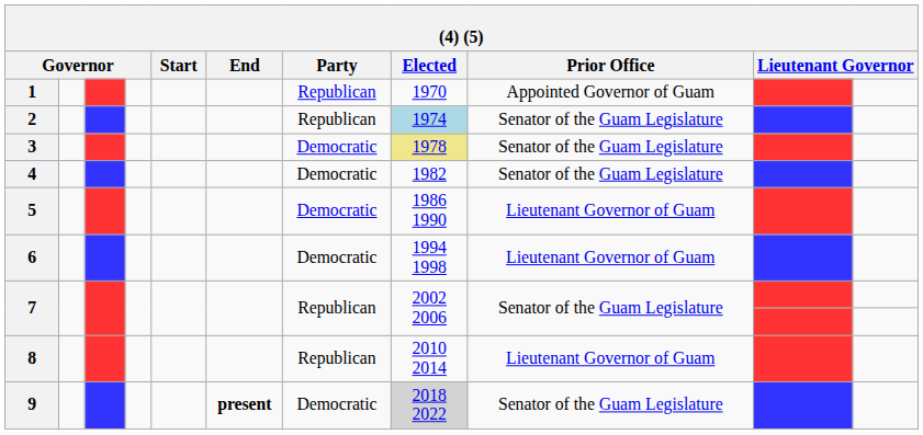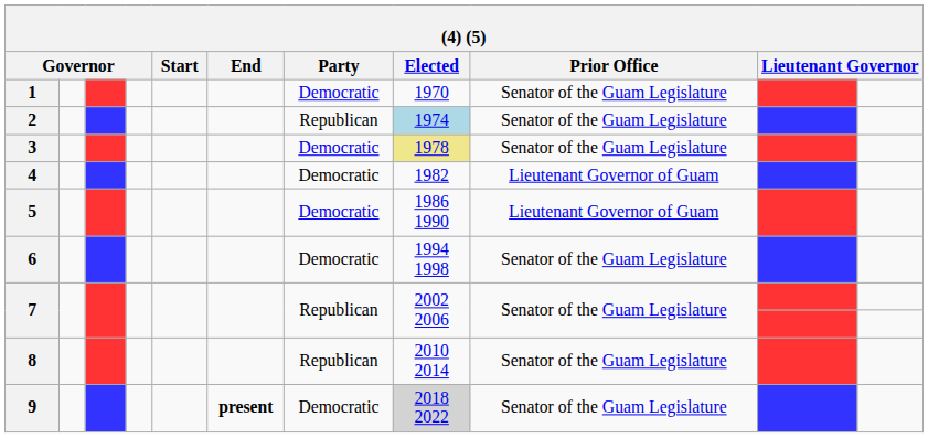 <table class="wikitable" style="text-align: center;">
 <tr>
 <th colspan=11><br> (4)   (5)</th>
 </tr>
 <tr>
 <th colspan=4 style="width: 16%;">Governor</th>
 <th>Start</th>
 <th>End</th>
 <th>Party</th>
 <th><a href='#'>Elected</a></th>
 <th>Prior Office</th>
 <th colspan="2" style="width: 18%;"><a href='#'>Lieutenant Governor</a></th>
 </tr>
 <tr>
 <th>1</th>
 <td></td>
 <td style="background:#FF3333;"> </td>
 <td><strong></strong><br></td>
 <td></td>
 <td><br></td>
-<td><a href='#'>Republican</a></td>
+<td><a href='#'>Democratic</a></td>
 <td><a href='#'>1970</a></td>
-<td>Appointed Governor of Guam</td>
+<td>Senator of the <a href='#'>Guam Legislature</a></td>
 <td style="background:#FF3333;"> </td>
 <td></td>
 </tr>
 <tr>
 <th>2</th>
 <td></td>
 <td style="background:#3333FF;"> </td>
 <td><strong></strong><br></td>
 <td></td>
 <td><br></td>
 <td>Republican</td>
 <td style="background: lightblue;"><a href='#'>1974</a></td>
 <td>Senator of the <a href='#'>Guam Legislature</a></td>
 <td style="background:#3333FF;"> </td>
 <td></td>
 </tr>
 <tr>
 <th>3</th>
 <td></td>
 <td style="background:#FF3333;"> </td>
 <td><strong></strong><br></td>
 <td></td>
 <td><br></td>
 <td><a href='#'>Democratic</a></td>
 <td style="background: khaki;"><a href='#'>1978</a></td>
 <td>Senator of the <a href='#'>Guam Legislature</a></td>
 <td style="background:#FF3333;"> </td>
 <td></td>
 </tr>
 <tr>
 <th>4</th>
 <td></td>
 <td style="background:#3333FF;"> </td>
 <td><strong></strong><br></td>
 <td></td>
 <td><br></td>
 <td>Democratic</td>
 <td><a href='#'>1982</a></td>
-<td>Senator of the <a href='#'>Guam Legislature</a></td>
+<td><a href='#'>Lieutenant Governor of Guam</a></td>
 <td style="background:#3333FF;"> </td>
 <td></td>
 </tr>
 <tr>
 <th>5</th>
 <td></td>
 <td style="background:#FF3333;"> </td>
 <td><strong></strong><br></td>
 <td></td>
 <td><br></td>
 <td><a href='#'>Democratic</a></td>
 <td><a href='#'>1986</a><br><a href='#'>1990</a></td>
 <td><a href='#'>Lieutenant Governor of Guam</a></td>
 <td style="background:#FF3333;"> </td>
 <td></td>
 </tr>
 <tr>
 <th>6</th>
 <td></td>
 <td style="background:#3333FF;"> </td>
 <td><strong></strong><br></td>
 <td></td>
 <td><br></td>
 <td>Democratic</td>
 <td><a href='#'>1994</a><br><a href='#'>1998</a></td>
-<td><a href='#'>Lieutenant Governor of Guam</a></td>
+<td>Senator of the <a href='#'>Guam Legislature</a></td>
 <td style="background:#3333FF;"> </td>
 <td></td>
 </tr>
 <tr>
 <th rowspan=2>7</th>
 <td rowspan=2></td>
 <td rowspan=2 style="background:#FF3333;"> </td>
 <td rowspan=2><strong></strong><br></td>
 <td rowspan=2></td>
 <td rowspan=2><br></td>
 <td rowspan=2>Republican</td>
 <td rowspan=2><a href='#'>2002</a><br><a href='#'>2006</a></td>
 <td rowspan=2>Senator of the <a href='#'>Guam Legislature</a></td>
 <td style="background:#FF3333;"> </td>
 <td></td>
 </tr>
 <tr>
 <td style="background:#FF3333;"> </td>
 <td></td>
 </tr>
 <tr>
 <th>8</th>
 <td></td>
 <td style="background:#FF3333;"> </td>
 <td><strong></strong><br></td>
 <td></td>
 <td><br></td>
 <td>Republican</td>
 <td><a href='#'>2010</a><br><a href='#'>2014</a></td>
-<td><a href='#'>Lieutenant Governor of Guam</a></td>
+<td>Senator of the <a href='#'>Guam Legislature</a></td>
 <td style="background:#FF3333;"> </td>
 <td></td>
 </tr>
 <tr>
 <th>9</th>
 <td></td>
 <td style="background:#3333FF;"> </td>
 <td><strong></strong><br></td>
 <td></td>
 <td><strong>present</strong></td>
 <td>Democratic</td>
 <td style="background: lightgrey;"><a href='#'>2018</a><br><a href='#'>2022</a></td>
 <td>Senator of the <a href='#'>Guam Legislature</a></td>
 <td style="background:#3333FF;"> </td>
 <td></td>
 </tr>
 </table>
